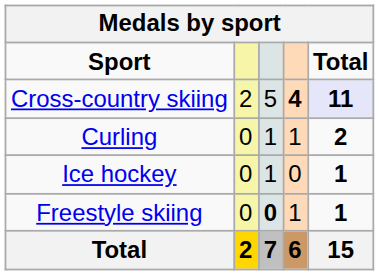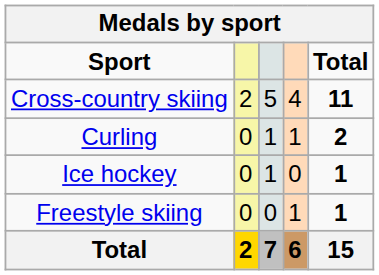 <table class="wikitable" style="font-size:85%;float:right;clear:right;">
 <tr style="background:#efefef;">
 <th colspan=5>Medals by sport</th>
 </tr>
 <tr align=center>
 <td><strong>Sport</strong></td>
 <td bgcolor=#f7f6a8></td>
 <td bgcolor=#dce5e5></td>
 <td bgcolor=#ffdab9></td>
 <td><strong>Total</strong></td>
 </tr>
 <tr align=center>
 <td><a href='#'>Cross-country skiing</a></td>
 <td style="background:#F7F6A8;">2</td>
 <td style="background:#DCE5E5;">5</td>
-<td style="background:#FFDAB9;"><strong>4</strong></td>
-<td style="background: lavender;"><strong>11</strong></td>
+<td style="background:#FFDAB9;">4</td>
+<td><strong>11</strong></td>
 </tr>
 <tr align=center>
 <td><a href='#'>Curling</a></td>
 <td style="background:#F7F6A8;">0</td>
 <td style="background:#DCE5E5;">1</td>
 <td style="background:#FFDAB9;">1</td>
 <td><strong>2</strong></td>
 </tr>
 <tr align=center>
 <td><a href='#'>Ice hockey</a></td>
 <td style="background:#F7F6A8;">0</td>
 <td style="background:#DCE5E5;">1</td>
 <td style="background:#FFDAB9;">0</td>
 <td><strong>1</strong></td>
 </tr>
 <tr align=center>
 <td><a href='#'>Freestyle skiing</a></td>
 <td style="background:#F7F6A8;">0</td>
-<td style="background:#DCE5E5;"><strong>0</strong></td>
+<td style="background:#DCE5E5;">0</td>
 <td style="background:#FFDAB9;">1</td>
 <td><strong>1</strong></td>
 </tr>
 <tr align=center>
 <th>Total</th>
 <th style="background:gold;">2</th>
 <th style="background:silver;">7</th>
 <th style="background:#c96;">6</th>
 <th>15</th>
 </tr>
 </table>
